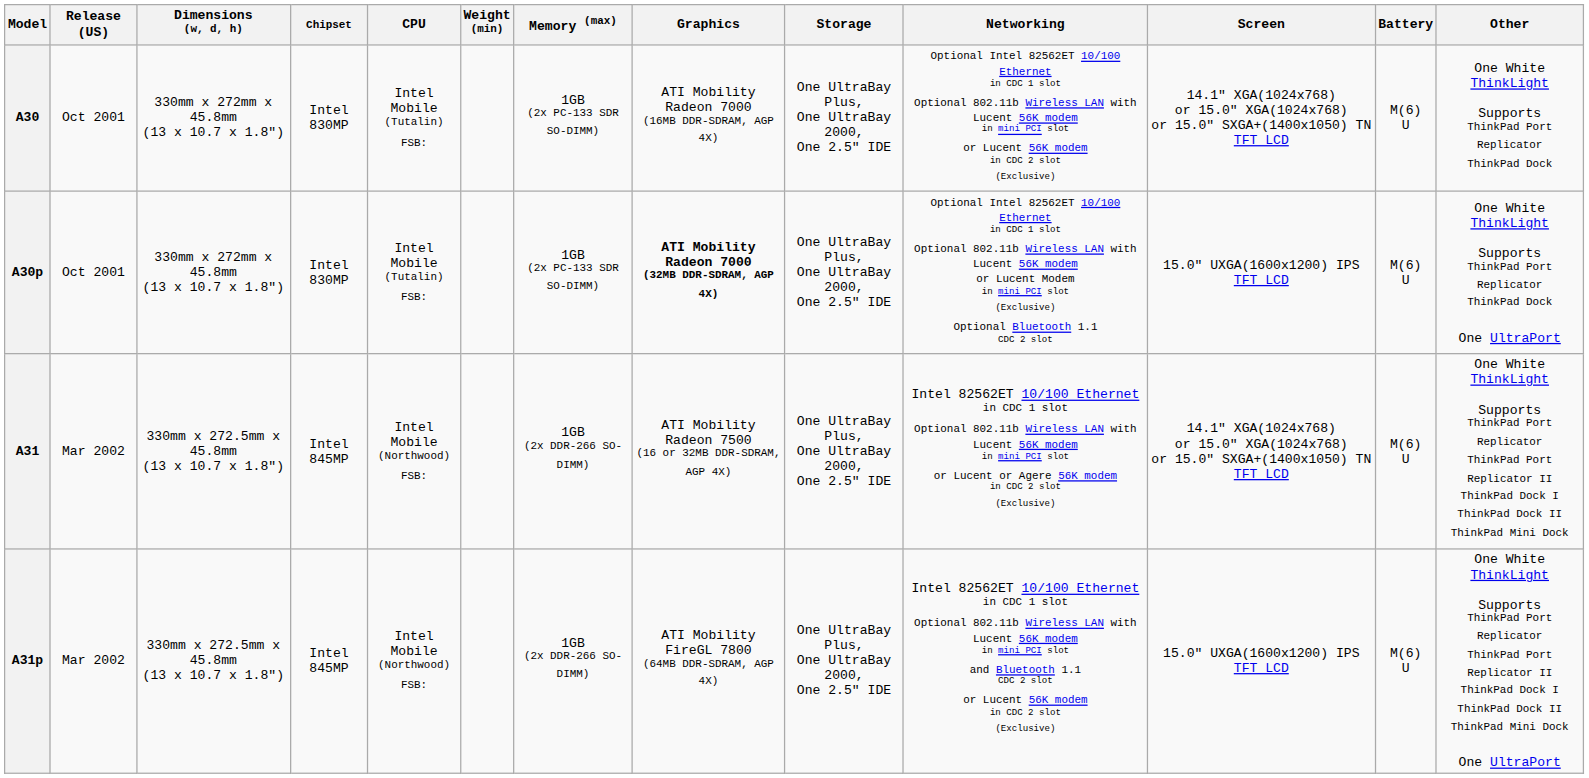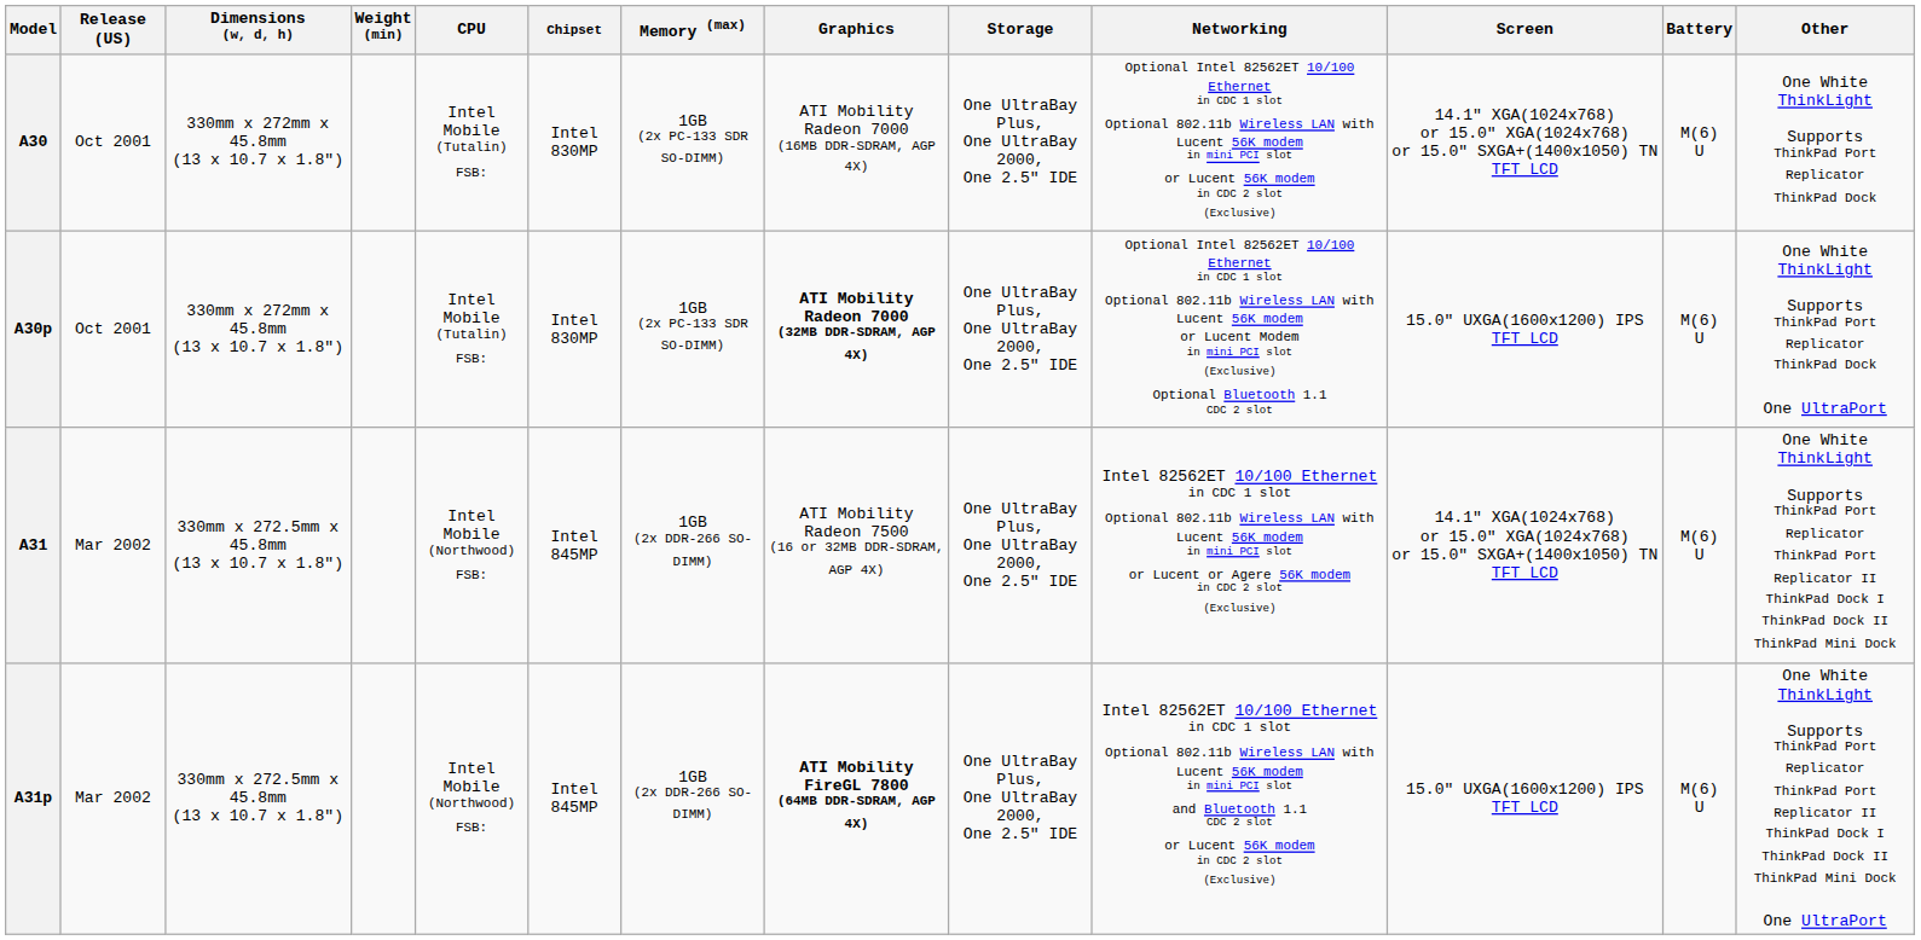 <table class="wikitable" style="font-size: 80%; minwidth: 100%; text-align: center;">
 <tr>
 <th>Model</th>
 <th>Release (US)</th>
 <th>Dimensions <br><sup>(w, d, h)</sup></th>
+<th>Weight <br><sup>(min)</sup></th>
+<th>CPU</th>
 <th><small>Chipset</small></th>
-<th>CPU</th>
-<th>Weight <br><sup>(min)</sup></th>
 <th>Memory <sup>(max)</sup></th>
 <th>Graphics</th>
 <th>Storage</th>
 <th>Networking</th>
 <th>Screen</th>
 <th>Battery</th>
 <th>Other</th>
 </tr>
 <tr>
 <th>A30</th>
 <td>Oct 2001</td>
 <td>330mm x 272mm x 45.8mm <br>(13 x 10.7 x 1.8")</td>
+<td></td>
+<td style="background:">Intel Mobile  <br><sup>(Tutalin)</sup> <br><small>FSB: </small></td>
 <td>Intel 830MP</td>
-<td style="background:">Intel Mobile  <br><sup>(Tutalin)</sup> <br><small>FSB: </small></td>
-<td></td>
 <td style="background:">1GB <br><sup>(2x PC-133 SDR SO-DIMM)</sup></td>
 <td style="background:">ATI Mobility Radeon 7000 <br><sup>(16MB DDR-SDRAM, AGP 4X)</sup></td>
 <td>One UltraBay Plus, <br>One UltraBay 2000, <br>One 2.5" IDE</td>
 <td><small>Optional Intel 82562ET <a href='#'>10/100 Ethernet</a> <br><sup>in CDC 1 slot</sup></small> <br><small>Optional 802.11b <a href='#'>Wireless LAN</a> with Lucent <a href='#'>56K modem</a> <br><sup>in <a href='#'>mini PCI</a> slot</sup> <br>or Lucent <a href='#'>56K modem</a> <br><sup>in CDC 2 slot <br>(Exclusive)</sup></small></td>
 <td style="background:">14.1" XGA(1024x768) <br>or 15.0" XGA(1024x768) <br>or 15.0" SXGA+(1400x1050) TN <a href='#'>TFT LCD</a></td>
 <td style="background:">M(6) <br>U</td>
 <td>One White <a href='#'>ThinkLight</a> <br><br>Supports <br><sup>ThinkPad Port Replicator <br>ThinkPad Dock</sup></td>
 </tr>
 <tr>
 <th>A30p</th>
 <td>Oct 2001</td>
 <td>330mm x 272mm x 45.8mm <br>(13 x 10.7 x 1.8")</td>
+<td></td>
+<td style="background:">Intel Mobile  <br><sup>(Tutalin)</sup> <br><small>FSB: </small></td>
 <td>Intel 830MP</td>
-<td style="background:">Intel Mobile  <br><sup>(Tutalin)</sup> <br><small>FSB: </small></td>
-<td></td>
 <td style="background:">1GB <br><sup>(2x PC-133 SDR SO-DIMM)</sup></td>
 <td style="background:"><strong>ATI Mobility Radeon 7000 <br><sup>(32MB DDR-SDRAM, AGP 4X)</sup></strong></td>
 <td>One UltraBay Plus, <br>One UltraBay 2000, <br>One 2.5" IDE</td>
 <td><small>Optional Intel 82562ET <a href='#'>10/100 Ethernet</a> <br><sup>in CDC 1 slot</sup></small> <br><small>Optional 802.11b <a href='#'>Wireless LAN</a> with Lucent <a href='#'>56K modem</a> <br>or Lucent Modem <br><sup>in <a href='#'>mini PCI</a> slot <br>(Exclusive)</sup></small> <br><small>Optional <a href='#'>Bluetooth</a> 1.1 <br><sup>CDC 2 slot</sup></small></td>
 <td style="background:">15.0" UXGA(1600x1200) IPS <a href='#'>TFT LCD</a></td>
 <td style="background:">M(6) <br>U</td>
 <td>One White <a href='#'>ThinkLight</a> <br><br>Supports <br><sup>ThinkPad Port Replicator <br>ThinkPad Dock</sup> <br><br>One <a href='#'>UltraPort</a></td>
 </tr>
 <tr>
 <th>A31</th>
 <td>Mar 2002</td>
 <td>330mm x 272.5mm x 45.8mm <br>(13 x 10.7 x 1.8")</td>
+<td></td>
+<td style="background:">Intel Mobile  <br><sup>(Northwood)</sup> <br><small>FSB: </small></td>
 <td>Intel 845MP</td>
-<td style="background:">Intel Mobile  <br><sup>(Northwood)</sup> <br><small>FSB: </small></td>
-<td></td>
 <td style="background:">1GB <br><sup>(2x DDR-266 SO-DIMM)</sup></td>
 <td style="background:">ATI Mobility Radeon 7500 <br><sup>(16 or 32MB DDR-SDRAM, AGP 4X)</sup></td>
 <td>One UltraBay Plus, <br>One UltraBay 2000, <br>One 2.5" IDE</td>
 <td>Intel 82562ET <a href='#'>10/100 Ethernet</a> <br><sup>in CDC 1 slot</sup> <br><small>Optional 802.11b <a href='#'>Wireless LAN</a> with Lucent <a href='#'>56K modem</a><br><sup>in <a href='#'>mini PCI</a> slot</sup> <br>or Lucent or Agere <a href='#'>56K modem</a> <br><sup>in CDC 2 slot <br>(Exclusive)</sup></small></td>
 <td style="background:">14.1" XGA(1024x768) <br>or 15.0" XGA(1024x768) <br>or 15.0" SXGA+(1400x1050) TN <a href='#'>TFT LCD</a></td>
 <td style="background:">M(6) <br>U</td>
 <td>One White <a href='#'>ThinkLight</a> <br><br>Supports <br><sup>ThinkPad Port Replicator <br>ThinkPad Port Replicator II <br>ThinkPad Dock I <br>ThinkPad Dock II <br> ThinkPad Mini Dock</sup></td>
 </tr>
 <tr>
 <th>A31p</th>
 <td>Mar 2002</td>
 <td>330mm x 272.5mm x 45.8mm <br>(13 x 10.7 x 1.8")</td>
+<td></td>
+<td style="background:">Intel Mobile  <br><sup>(Northwood)</sup> <br><small>FSB: </small></td>
 <td>Intel 845MP</td>
-<td style="background:">Intel Mobile  <br><sup>(Northwood)</sup> <br><small>FSB: </small></td>
-<td></td>
 <td style="background:">1GB <br><sup>(2x DDR-266 SO-DIMM)</sup></td>
-<td style="background:">ATI Mobility FireGL 7800 <br><sup>(64MB DDR-SDRAM, AGP 4X)</sup></td>
+<td style="background:"><strong>ATI Mobility FireGL 7800 <br><sup>(64MB DDR-SDRAM, AGP 4X)</sup></strong></td>
 <td>One UltraBay Plus, <br>One UltraBay 2000, <br>One 2.5" IDE</td>
 <td>Intel 82562ET <a href='#'>10/100 Ethernet</a> <br><sup>in CDC 1 slot</sup> <br><small>Optional 802.11b <a href='#'>Wireless LAN</a> with Lucent <a href='#'>56K modem</a> <br><sup>in <a href='#'>mini PCI</a> slot</sup> <br>and <a href='#'>Bluetooth</a> 1.1 <br><sup>CDC 2 slot</sup> <br>or Lucent <a href='#'>56K modem</a> <br><sup>in CDC 2 slot <br>(Exclusive)</sup></small></td>
 <td style="background:">15.0" UXGA(1600x1200) IPS <a href='#'>TFT LCD</a></td>
 <td style="background:">M(6) <br>U</td>
 <td>One White <a href='#'>ThinkLight</a> <br><br>Supports <br><sup>ThinkPad Port Replicator <br>ThinkPad Port Replicator II <br>ThinkPad Dock I <br>ThinkPad Dock II <br> ThinkPad Mini Dock</sup> <br><br>One <a href='#'>UltraPort</a></td>
 </tr>
 </table>
